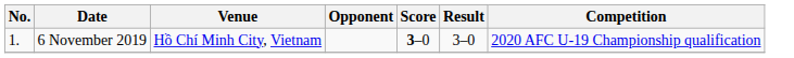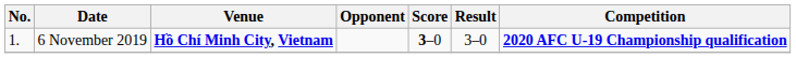 <table class="wikitable">
 <tr>
 <th>No.</th>
 <th>Date</th>
 <th>Venue</th>
 <th>Opponent</th>
 <th>Score</th>
 <th>Result</th>
 <th>Competition</th>
 </tr>
 <tr>
 <td>1.</td>
 <td>6 November 2019</td>
-<td><a href='#'>Hồ Chí Minh City</a>, <a href='#'>Vietnam</a></td>
+<td><strong><a href='#'>Hồ Chí Minh City</a>, <a href='#'>Vietnam</a></strong></td>
 <td></td>
 <td align=center><strong>3</strong>–0</td>
 <td align=center>3–0</td>
-<td><a href='#'>2020 AFC U-19 Championship qualification</a></td>
+<td><strong><a href='#'>2020 AFC U-19 Championship qualification</a></strong></td>
 </tr>
 <tr>
 </tr>
 </table>
